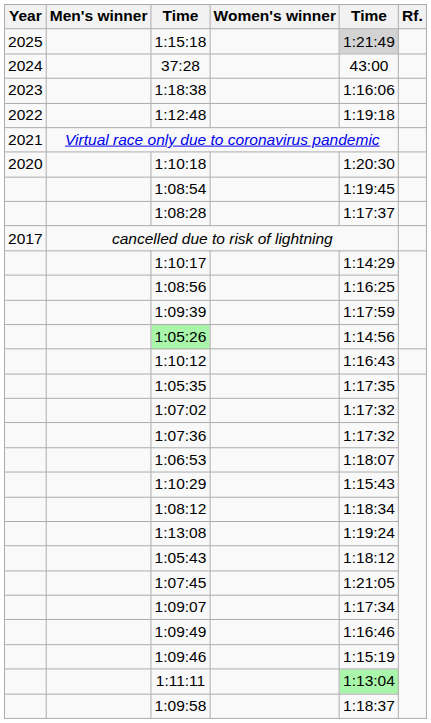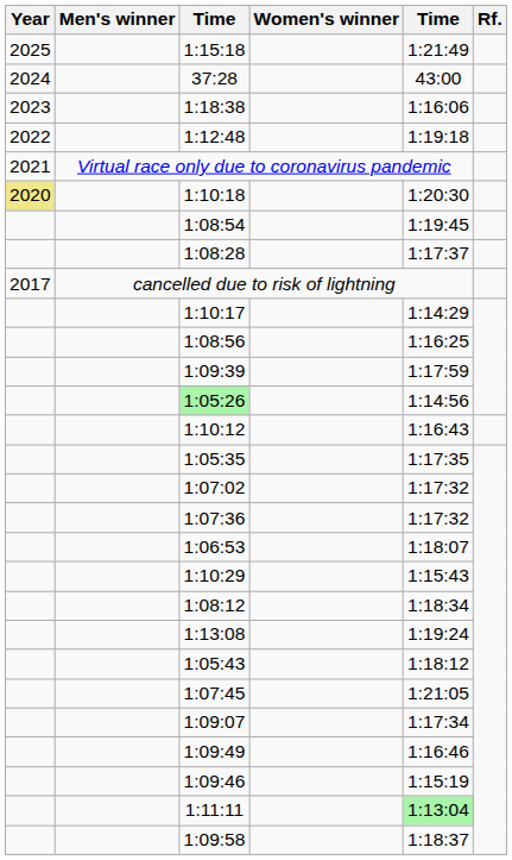 <table class="wikitable sortable" style="text-align:center">
 <tr>
 <th>Year</th>
 <th>Men's winner</th>
 <th>Time</th>
 <th>Women's winner</th>
 <th>Time</th>
 <th class="unsortable">Rf.</th>
 </tr>
 <tr>
 <td>2025</td>
 <td align="left"></td>
 <td>1:15:18</td>
 <td align="left"></td>
-<td style="background: lightgrey;">1:21:49</td>
+<td>1:21:49</td>
 <td></td>
 </tr>
 <tr>
 <td>2024</td>
 <td align="left"></td>
 <td>37:28 </td>
 <td align="left"></td>
 <td>43:00 </td>
 <td></td>
 </tr>
 <tr>
 <td>2023</td>
 <td align="left"></td>
 <td>1:18:38</td>
 <td align="left"></td>
 <td>1:16:06</td>
 <td></td>
 </tr>
 <tr>
 <td>2022</td>
 <td align="left"></td>
 <td>1:12:48</td>
 <td align="left"></td>
 <td>1:19:18</td>
 <td></td>
 </tr>
 <tr>
 <td>2021</td>
 <td colspan="4" align="center" data-sort-value=""><em><a href='#'>Virtual race only due to coronavirus pandemic</a></em></td>
 <td></td>
 </tr>
 <tr>
-<td>2020</td>
+<td style="background: khaki;">2020</td>
 <td align="left"></td>
 <td>1:10:18</td>
 <td align="left"></td>
 <td>1:20:30</td>
 <td></td>
 </tr>
 <tr>
 <td></td>
 <td align="left"></td>
 <td>1:08:54</td>
 <td align="left"></td>
 <td>1:19:45</td>
 <td></td>
 </tr>
 <tr>
 <td></td>
 <td align="left"></td>
 <td>1:08:28</td>
 <td align="left"></td>
 <td>1:17:37</td>
 <td></td>
 </tr>
 <tr>
 <td>2017</td>
 <td colspan="4" align="center" data-sort-value=""><em>cancelled due to risk of lightning</em></td>
 <td></td>
 </tr>
 <tr>
 <td></td>
 <td align="left"></td>
 <td>1:10:17</td>
 <td align="left"></td>
 <td>1:14:29</td>
 </tr>
 <tr>
 <td></td>
 <td align="left"></td>
 <td>1:08:56</td>
 <td align="left"></td>
 <td>1:16:25</td>
 </tr>
 <tr>
 <td></td>
 <td align="left"></td>
 <td>1:09:39</td>
 <td align="left"></td>
 <td>1:17:59</td>
 </tr>
 <tr>
 <td></td>
 <td align="left"></td>
 <td bgcolor="#A9F5A9">1:05:26</td>
 <td align="left"></td>
 <td>1:14:56</td>
 </tr>
 <tr>
 <td></td>
 <td align="left"></td>
 <td>1:10:12</td>
 <td align="left"></td>
 <td>1:16:43</td>
 <td></td>
 </tr>
 <tr>
 <td></td>
 <td align="left"></td>
 <td>1:05:35</td>
 <td align="left"></td>
 <td>1:17:35</td>
 </tr>
 <tr>
 <td></td>
 <td align="left"></td>
 <td>1:07:02</td>
 <td align="left"></td>
 <td>1:17:32</td>
 </tr>
 <tr>
 <td></td>
 <td align="left"></td>
 <td>1:07:36</td>
 <td align="left"></td>
 <td>1:17:32</td>
 </tr>
 <tr>
 <td></td>
 <td align="left"></td>
 <td>1:06:53</td>
 <td align="left"></td>
 <td>1:18:07</td>
 </tr>
 <tr>
 <td></td>
 <td align="left"></td>
 <td>1:10:29</td>
 <td align="left"></td>
 <td>1:15:43</td>
 </tr>
 <tr>
 <td></td>
 <td align="left"></td>
 <td>1:08:12</td>
 <td align="left"></td>
 <td>1:18:34</td>
 </tr>
 <tr>
 <td></td>
 <td align="left"></td>
 <td>1:13:08</td>
 <td align="left"></td>
 <td>1:19:24</td>
 </tr>
 <tr>
 <td></td>
 <td align="left"></td>
 <td>1:05:43</td>
 <td align="left"></td>
 <td>1:18:12</td>
 </tr>
 <tr>
 <td></td>
 <td align="left"></td>
 <td>1:07:45</td>
 <td align="left"></td>
 <td>1:21:05</td>
 </tr>
 <tr>
 <td></td>
 <td align="left"></td>
 <td>1:09:07</td>
 <td align="left"></td>
 <td>1:17:34</td>
 </tr>
 <tr>
 <td></td>
 <td align="left"></td>
 <td>1:09:49</td>
 <td align="left"></td>
 <td>1:16:46</td>
 </tr>
 <tr>
 <td></td>
 <td align="left"></td>
 <td>1:09:46</td>
 <td align="left"></td>
 <td>1:15:19</td>
 </tr>
 <tr>
 <td></td>
 <td align="left"></td>
 <td>1:11:11</td>
 <td align="left"></td>
 <td bgcolor="#A9F5A9">1:13:04</td>
 </tr>
 <tr>
 <td></td>
 <td align="left"></td>
 <td>1:09:58</td>
 <td align="left"></td>
 <td>1:18:37</td>
 </tr>
 </table>
